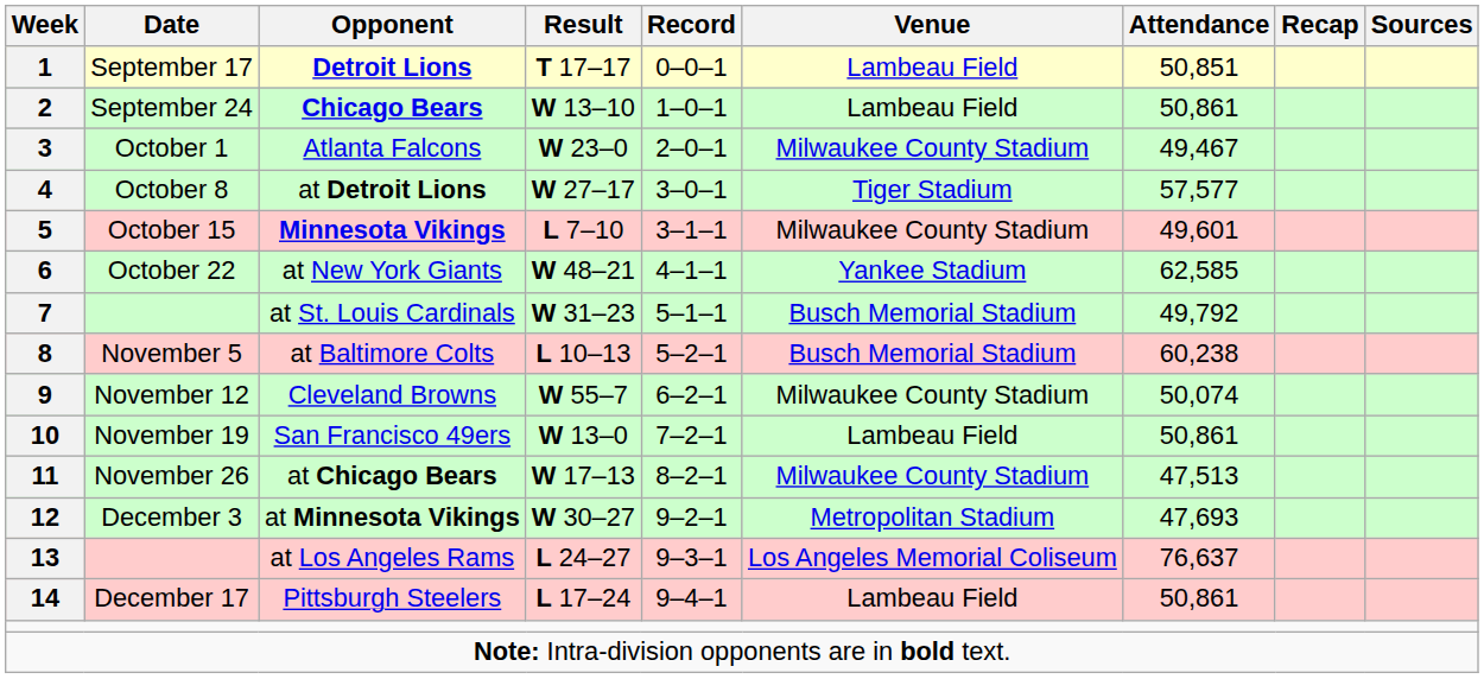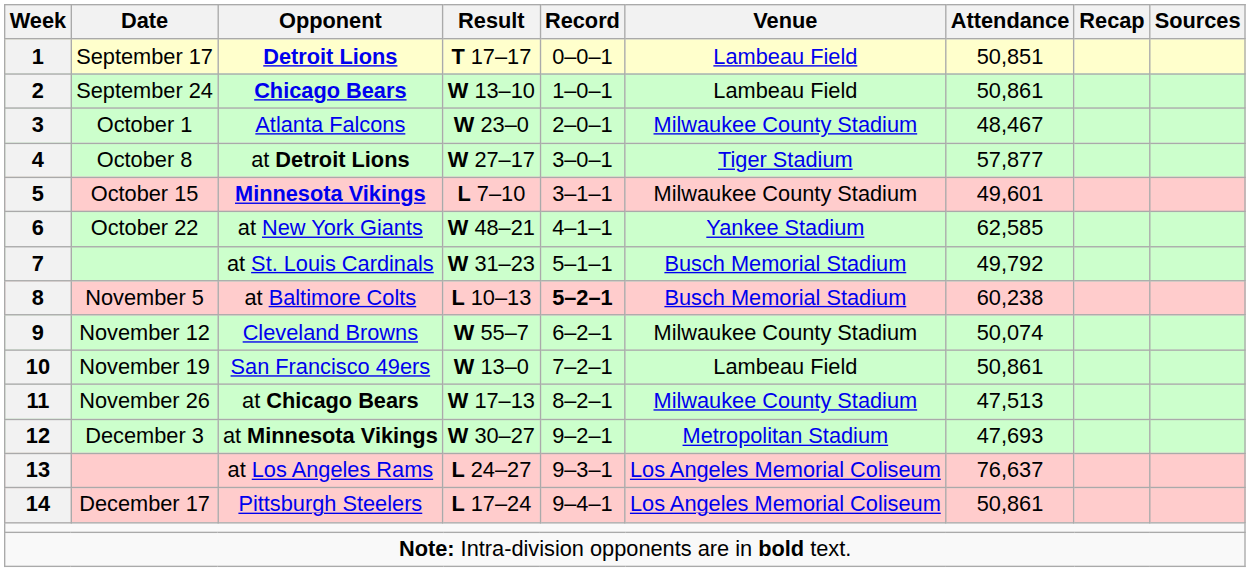 <table class="wikitable" style="text-align:center">
 <tr>
 <th>Week</th>
 <th>Date</th>
 <th>Opponent</th>
 <th>Result</th>
 <th>Record</th>
 <th>Venue</th>
 <th>Attendance</th>
 <th>Recap</th>
 <th>Sources</th>
 </tr>
 <tr style="background:#ffc">
 <th>1</th>
 <td>September 17</td>
 <td><strong><a href='#'>Detroit Lions</a></strong></td>
 <td><strong>T</strong> 17–17</td>
 <td>0–0–1</td>
 <td><a href='#'>Lambeau Field</a></td>
 <td>50,851</td>
 <td></td>
 <td></td>
 </tr>
 <tr style="background:#cfc">
 <th>2</th>
 <td>September 24</td>
 <td><strong><a href='#'>Chicago Bears</a></strong></td>
 <td><strong>W</strong> 13–10</td>
 <td>1–0–1</td>
 <td>Lambeau Field</td>
 <td>50,861</td>
 <td></td>
 <td></td>
 </tr>
 <tr style="background:#cfc">
 <th>3</th>
 <td>October 1</td>
 <td><a href='#'>Atlanta Falcons</a></td>
 <td><strong>W</strong> 23–0</td>
 <td>2–0–1</td>
 <td><a href='#'>Milwaukee County Stadium</a></td>
-<td>49,467</td>
+<td>48,467</td>
 <td></td>
 <td></td>
 </tr>
 <tr style="background:#cfc">
 <th>4</th>
 <td>October 8</td>
 <td>at <strong>Detroit Lions</strong></td>
 <td><strong>W</strong> 27–17</td>
 <td>3–0–1</td>
 <td><a href='#'>Tiger Stadium</a></td>
-<td>57,577</td>
+<td>57,877</td>
 <td></td>
 <td></td>
 </tr>
 <tr style="background:#fcc">
 <th>5</th>
 <td>October 15</td>
 <td><strong><a href='#'>Minnesota Vikings</a></strong></td>
 <td><strong>L</strong> 7–10</td>
 <td>3–1–1</td>
 <td>Milwaukee County Stadium</td>
 <td>49,601</td>
 <td></td>
 <td></td>
 </tr>
 <tr style="background:#cfc">
 <th>6</th>
 <td>October 22</td>
 <td>at <a href='#'>New York Giants</a></td>
 <td><strong>W</strong> 48–21</td>
 <td>4–1–1</td>
 <td><a href='#'>Yankee Stadium</a></td>
 <td>62,585</td>
 <td></td>
 <td></td>
 </tr>
 <tr style="background:#cfc">
 <th>7</th>
 <td></td>
 <td>at <a href='#'>St. Louis Cardinals</a></td>
 <td><strong>W</strong> 31–23</td>
 <td>5–1–1</td>
 <td><a href='#'>Busch Memorial Stadium</a></td>
 <td>49,792</td>
 <td></td>
 <td></td>
 </tr>
 <tr style="background:#fcc">
 <th>8</th>
 <td>November 5</td>
 <td>at <a href='#'>Baltimore Colts</a></td>
 <td><strong>L</strong> 10–13</td>
-<td>5–2–1</td>
+<td><strong>5–2–1</strong></td>
 <td><a href='#'>Busch Memorial Stadium</a></td>
 <td>60,238</td>
 <td></td>
 <td></td>
 </tr>
 <tr style="background:#cfc">
 <th>9</th>
 <td>November 12</td>
 <td><a href='#'>Cleveland Browns</a></td>
 <td><strong>W</strong> 55–7</td>
 <td>6–2–1</td>
 <td>Milwaukee County Stadium</td>
 <td>50,074</td>
 <td></td>
 <td></td>
 </tr>
 <tr style="background:#cfc">
 <th>10</th>
 <td>November 19</td>
 <td><a href='#'>San Francisco 49ers</a></td>
 <td><strong>W</strong> 13–0</td>
 <td>7–2–1</td>
 <td>Lambeau Field</td>
 <td>50,861</td>
 <td></td>
 <td></td>
 </tr>
 <tr style="background:#cfc">
 <th>11</th>
 <td>November 26</td>
 <td>at <strong>Chicago Bears</strong></td>
 <td><strong>W</strong> 17–13</td>
 <td>8–2–1</td>
 <td><a href='#'>Milwaukee County Stadium</a></td>
 <td>47,513</td>
 <td></td>
 <td></td>
 </tr>
 <tr style="background:#cfc">
 <th>12</th>
 <td>December 3</td>
 <td>at <strong>Minnesota Vikings</strong></td>
 <td><strong>W</strong> 30–27</td>
 <td>9–2–1</td>
 <td><a href='#'>Metropolitan Stadium</a></td>
 <td>47,693</td>
 <td></td>
 <td></td>
 </tr>
 <tr style="background:#fcc">
 <th>13</th>
 <td></td>
 <td>at <a href='#'>Los Angeles Rams</a></td>
 <td><strong>L</strong> 24–27</td>
 <td>9–3–1</td>
 <td><a href='#'>Los Angeles Memorial Coliseum</a></td>
 <td>76,637</td>
 <td></td>
 <td></td>
 </tr>
 <tr style="background:#fcc">
 <th>14</th>
 <td>December 17</td>
 <td><a href='#'>Pittsburgh Steelers</a></td>
 <td><strong>L</strong> 17–24</td>
 <td>9–4–1</td>
-<td>Lambeau Field</td>
+<td><a href='#'>Los Angeles Memorial Coliseum</a></td>
 <td>50,861</td>
 <td></td>
 <td></td>
 </tr>
 <tr>
 <td colspan="10"></td>
 </tr>
 <tr>
 <td colspan="10"><strong>Note:</strong> Intra-division opponents are in <strong>bold</strong> text.</td>
 </tr>
 </table>
